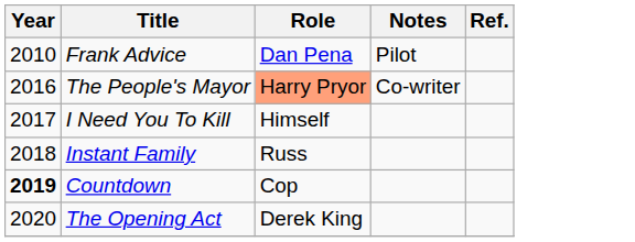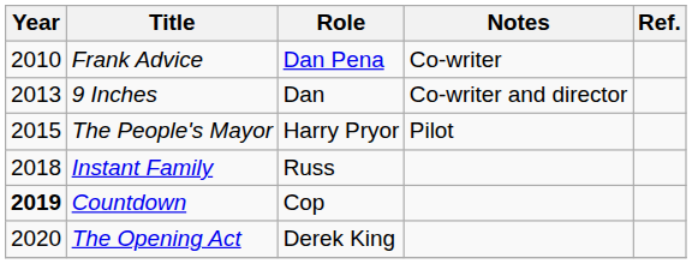 <table class="wikitable sortable">
 <tr>
 <th>Year</th>
 <th>Title</th>
 <th>Role</th>
 <th>Notes</th>
 <th class=unsortable>Ref.</th>
 </tr>
 <tr>
 <td>2010</td>
 <td><em>Frank Advice</em></td>
 <td><a href='#'>Dan Pena</a></td>
-<td>Pilot</td>
-<td></td>
-</tr>
-<tr>
-<td>2016</td>
-<td><em>The People's Mayor</em></td>
-<td style="background: lightsalmon;">Harry Pryor</td>
 <td>Co-writer</td>
 <td></td>
 </tr>
 <tr>
-<td>2017</td>
-<td><em>I Need You To Kill</em></td>
-<td>Himself</td>
+<td>2013</td>
+<td><em>9 Inches</em></td>
+<td>Dan</td>
+<td>Co-writer and director</td>
 <td></td>
+</tr>
+<tr>
+<td>2015</td>
+<td><em>The People's Mayor</em></td>
+<td>Harry Pryor</td>
+<td>Pilot</td>
 <td></td>
 </tr>
 <tr>
 <td>2018</td>
 <td><em><a href='#'>Instant Family</a></em></td>
 <td>Russ</td>
 <td></td>
 <td></td>
 </tr>
 <tr>
 <td><strong>2019</strong></td>
 <td><em><a href='#'>Countdown</a></em></td>
 <td>Cop</td>
 <td></td>
 <td></td>
 </tr>
 <tr>
 <td>2020</td>
 <td><em><a href='#'>The Opening Act</a></em></td>
 <td>Derek King</td>
 <td></td>
 <td></td>
 </tr>
 <tr>
 </tr>
 </table>
